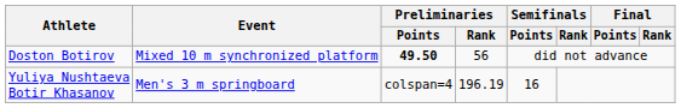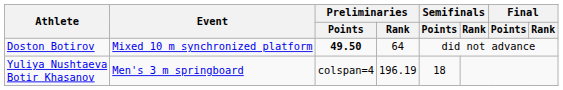 <table class=wikitable style="font-size:90%;">
 <tr>
 <th rowspan="2">Athlete</th>
 <th rowspan="2">Event</th>
 <th colspan="2">Preliminaries</th>
 <th colspan="2">Semifinals</th>
 <th colspan="2">Final</th>
 </tr>
 <tr style="font-size:95%">
 <th>Points</th>
 <th>Rank</th>
 <th>Points</th>
 <th>Rank</th>
 <th>Points</th>
 <th>Rank</th>
 </tr>
 <tr align=center>
 <td align=left><a href='#'>Doston Botirov</a></td>
 <td align=left><a href='#'>Mixed 10 m synchronized platform</a></td>
 <td><strong>49.50</strong></td>
-<td>56</td>
+<td>64</td>
 <td colspan=4>did not advance</td>
 </tr>
 <tr align=center>
 <td align=left><a href='#'>Yuliya Nushtaeva</a><br><a href='#'>Botir Khasanov</a></td>
 <td align=left><a href='#'>Men's 3 m springboard</a></td>
 <td>colspan=4 </td>
 <td>196.19</td>
-<td>16</td>
+<td>18</td>
 </tr>
 </table>
